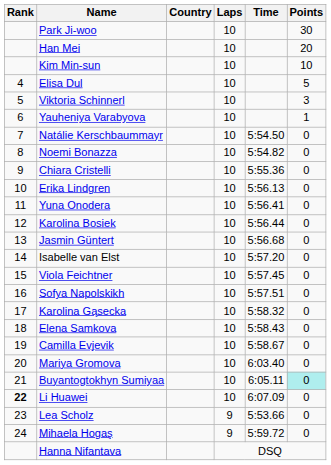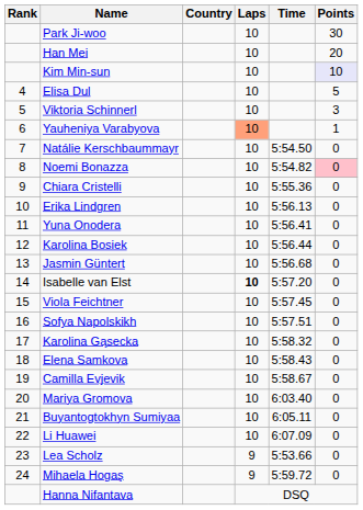 <table class="wikitable sortable" style="text-align:center">
 <tr>
 <th>Rank</th>
 <th>Name</th>
 <th>Country</th>
 <th>Laps</th>
 <th>Time</th>
 <th>Points</th>
 </tr>
 <tr>
 <td></td>
 <td align=left><a href='#'>Park Ji-woo</a></td>
 <td align=left></td>
 <td>10</td>
 <td></td>
 <td>30</td>
 </tr>
 <tr>
 <td></td>
 <td align=left><a href='#'>Han Mei</a></td>
 <td align=left></td>
 <td>10</td>
 <td></td>
 <td>20</td>
 </tr>
 <tr>
 <td></td>
 <td align=left><a href='#'>Kim Min-sun</a></td>
 <td align=left></td>
 <td>10</td>
 <td></td>
-<td>10</td>
+<td style="background: lavender;">10</td>
 </tr>
 <tr>
 <td>4</td>
 <td align=left><a href='#'>Elisa Dul</a></td>
 <td align=left></td>
 <td>10</td>
 <td></td>
 <td>5</td>
 </tr>
 <tr>
 <td>5</td>
 <td align=left><a href='#'>Viktoria Schinnerl</a></td>
 <td align=left></td>
 <td>10</td>
 <td></td>
 <td>3</td>
 </tr>
 <tr>
 <td>6</td>
 <td align=left><a href='#'>Yauheniya Varabyova</a></td>
 <td align=left></td>
-<td>10</td>
+<td style="background: lightsalmon;">10</td>
 <td></td>
 <td>1</td>
 </tr>
 <tr>
 <td>7</td>
 <td align=left><a href='#'>Natálie Kerschbaummayr</a></td>
 <td align=left></td>
 <td>10</td>
 <td>5:54.50</td>
 <td>0</td>
 </tr>
 <tr>
 <td>8</td>
 <td align=left><a href='#'>Noemi Bonazza</a></td>
 <td align=left></td>
 <td>10</td>
 <td>5:54.82</td>
-<td>0</td>
+<td style="background: pink;">0</td>
 </tr>
 <tr>
 <td>9</td>
 <td align=left><a href='#'>Chiara Cristelli</a></td>
 <td align=left></td>
 <td>10</td>
 <td>5:55.36</td>
 <td>0</td>
 </tr>
 <tr>
 <td>10</td>
 <td align=left><a href='#'>Erika Lindgren</a></td>
 <td align=left></td>
 <td>10</td>
 <td>5:56.13</td>
 <td>0</td>
 </tr>
 <tr>
 <td>11</td>
 <td align=left><a href='#'>Yuna Onodera</a></td>
 <td align=left></td>
 <td>10</td>
 <td>5:56.41</td>
 <td>0</td>
 </tr>
 <tr>
 <td>12</td>
 <td align=left><a href='#'>Karolina Bosiek</a></td>
 <td align=left></td>
 <td>10</td>
 <td>5:56.44</td>
 <td>0</td>
 </tr>
 <tr>
 <td>13</td>
 <td align=left><a href='#'>Jasmin Güntert</a></td>
 <td align=left></td>
 <td>10</td>
 <td>5:56.68</td>
 <td>0</td>
 </tr>
 <tr>
 <td>14</td>
 <td align=left>Isabelle van Elst</td>
 <td align=left></td>
-<td>10</td>
+<td><strong>10</strong></td>
 <td>5:57.20</td>
 <td>0</td>
 </tr>
 <tr>
 <td>15</td>
 <td align=left><a href='#'>Viola Feichtner</a></td>
 <td align=left></td>
 <td>10</td>
 <td>5:57.45</td>
 <td>0</td>
 </tr>
 <tr>
 <td>16</td>
 <td align=left><a href='#'>Sofya Napolskikh</a></td>
 <td align=left></td>
 <td>10</td>
 <td>5:57.51</td>
 <td>0</td>
 </tr>
 <tr>
 <td>17</td>
 <td align=left><a href='#'>Karolina Gąsecka</a></td>
 <td align=left></td>
 <td>10</td>
 <td>5:58.32</td>
 <td>0</td>
 </tr>
 <tr>
 <td>18</td>
 <td align=left><a href='#'>Elena Samkova</a></td>
 <td align=left></td>
 <td>10</td>
 <td>5:58.43</td>
 <td>0</td>
 </tr>
 <tr>
 <td>19</td>
 <td align=left><a href='#'>Camilla Evjevik</a></td>
 <td align=left></td>
 <td>10</td>
 <td>5:58.67</td>
 <td>0</td>
 </tr>
 <tr>
 <td>20</td>
 <td align=left><a href='#'>Mariya Gromova</a></td>
 <td align=left></td>
 <td>10</td>
 <td>6:03.40</td>
 <td>0</td>
 </tr>
 <tr>
 <td>21</td>
 <td align=left><a href='#'>Buyantogtokhyn Sumiyaa</a></td>
 <td align=left></td>
 <td>10</td>
 <td>6:05.11</td>
-<td style="background: paleturquoise;">0</td>
+<td>0</td>
 </tr>
 <tr>
-<td><strong>22</strong></td>
+<td>22</td>
 <td align=left><a href='#'>Li Huawei</a></td>
 <td align=left></td>
 <td>10</td>
 <td>6:07.09</td>
 <td>0</td>
 </tr>
 <tr>
 <td>23</td>
 <td align=left><a href='#'>Lea Scholz</a></td>
 <td align=left></td>
 <td>9</td>
 <td>5:53.66</td>
 <td>0</td>
 </tr>
 <tr>
 <td>24</td>
 <td align=left><a href='#'>Mihaela Hogaş</a></td>
 <td align=left></td>
 <td>9</td>
 <td>5:59.72</td>
 <td>0</td>
 </tr>
 <tr>
 <td></td>
 <td align=left><a href='#'>Hanna Nifantava</a></td>
 <td align=left></td>
 <td colspan=4>DSQ</td>
 </tr>
 </table>
